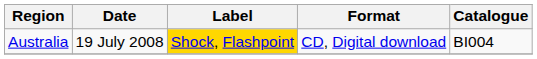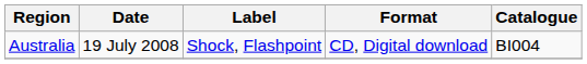 <table class="wikitable">
 <tr>
 <th>Region</th>
 <th>Date</th>
 <th>Label</th>
 <th>Format</th>
 <th>Catalogue</th>
 </tr>
 <tr>
 <td><a href='#'>Australia</a></td>
 <td>19 July 2008</td>
-<td style="background: gold;"><a href='#'>Shock</a>, <a href='#'>Flashpoint</a></td>
+<td><a href='#'>Shock</a>, <a href='#'>Flashpoint</a></td>
 <td><a href='#'>CD</a>, <a href='#'>Digital download</a></td>
 <td>BI004</td>
 </tr>
 <tr>
 </tr>
 </table>
